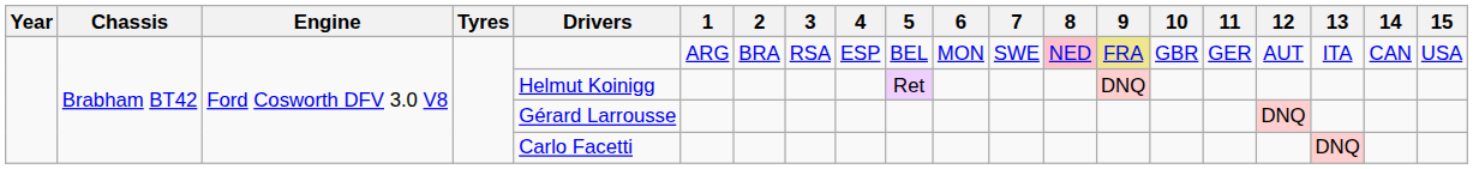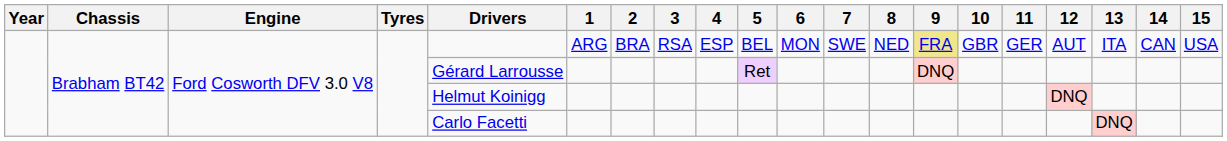 <table class="wikitable" style="text-align:center; font-size:85%">
 <tr>
 <th>Year</th>
 <th>Chassis</th>
 <th>Engine</th>
 <th>Tyres</th>
 <th>Drivers</th>
 <th>1</th>
 <th>2</th>
 <th>3</th>
 <th>4</th>
 <th>5</th>
 <th>6</th>
 <th>7</th>
 <th>8</th>
 <th>9</th>
 <th>10</th>
 <th>11</th>
 <th>12</th>
 <th>13</th>
 <th>14</th>
 <th>15</th>
 </tr>
 <tr>
 <td rowspan="4"></td>
 <td rowspan="4"><a href='#'>Brabham</a> <a href='#'>BT42</a></td>
 <td rowspan="4"><a href='#'>Ford</a> <a href='#'>Cosworth DFV</a> 3.0 <a href='#'>V8</a></td>
 <td rowspan="4"></td>
 <td></td>
 <td><a href='#'>ARG</a></td>
 <td><a href='#'>BRA</a></td>
 <td><a href='#'>RSA</a></td>
 <td><a href='#'>ESP</a></td>
 <td><a href='#'>BEL</a></td>
 <td><a href='#'>MON</a></td>
 <td><a href='#'>SWE</a></td>
-<td style="background: pink;"><a href='#'>NED</a></td>
+<td><a href='#'>NED</a></td>
 <td style="background: khaki;"><a href='#'>FRA</a></td>
 <td><a href='#'>GBR</a></td>
 <td><a href='#'>GER</a></td>
 <td><a href='#'>AUT</a></td>
 <td><a href='#'>ITA</a></td>
 <td><a href='#'>CAN</a></td>
 <td><a href='#'>USA</a></td>
 </tr>
 <tr>
-<td align="left"> <a href='#'>Helmut Koinigg</a></td>
+<td align="left"> <a href='#'>Gérard Larrousse</a></td>
 <td></td>
 <td></td>
 <td></td>
 <td></td>
 <td style="background:#efcfff;">Ret</td>
 <td></td>
 <td></td>
 <td></td>
 <td style="background:#ffcfcf;">DNQ</td>
 <td></td>
 <td></td>
 <td></td>
 <td></td>
 <td></td>
 <td></td>
 </tr>
 <tr>
-<td align="left"> <a href='#'>Gérard Larrousse</a></td>
+<td align="left"> <a href='#'>Helmut Koinigg</a></td>
 <td></td>
 <td></td>
 <td></td>
 <td></td>
 <td></td>
 <td></td>
 <td></td>
 <td></td>
 <td></td>
 <td></td>
 <td></td>
 <td style="background:#ffcfcf;">DNQ</td>
 <td></td>
 <td></td>
 <td></td>
 </tr>
 <tr>
 <td align="left"> <a href='#'>Carlo Facetti</a></td>
 <td></td>
 <td></td>
 <td></td>
 <td></td>
 <td></td>
 <td></td>
 <td></td>
 <td></td>
 <td></td>
 <td></td>
 <td></td>
 <td></td>
 <td style="background:#ffcfcf;">DNQ</td>
 <td></td>
 <td></td>
 </tr>
 </table>
